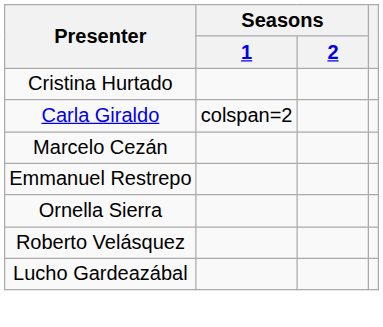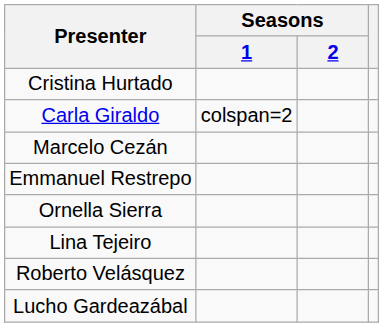 <table class="wikitable sortable" style="text-align:center;">
 <tr>
 <th rowspan=2>Presenter</th>
 <th colspan=2>Seasons</th>
 <th rowspan=2></th>
 </tr>
 <tr>
 <th width=50><a href='#'>1</a></th>
 <th width=50><a href='#'>2</a></th>
 </tr>
 <tr>
 <td>Cristina Hurtado</td>
 <td></td>
 <td></td>
 <td></td>
 </tr>
 <tr>
 <td><a href='#'>Carla Giraldo</a></td>
 <td>colspan=2 </td>
 <td></td>
 </tr>
 <tr>
 <td>Marcelo Cezán</td>
 <td></td>
 <td></td>
 <td></td>
 </tr>
 <tr>
 <td>Emmanuel Restrepo</td>
 <td></td>
 <td></td>
 <td></td>
 </tr>
 <tr>
 <td>Ornella Sierra</td>
 <td></td>
 <td></td>
 <td></td>
 </tr>
 <tr>
+<td>Lina Tejeiro</td>
+<td></td>
+<td></td>
+<td></td>
+</tr>
+<tr>
 <td>Roberto Velásquez</td>
 <td></td>
 <td></td>
 <td></td>
 </tr>
 <tr>
 <td>Lucho Gardeazábal</td>
 <td></td>
 <td></td>
 <td></td>
 </tr>
 </table>
